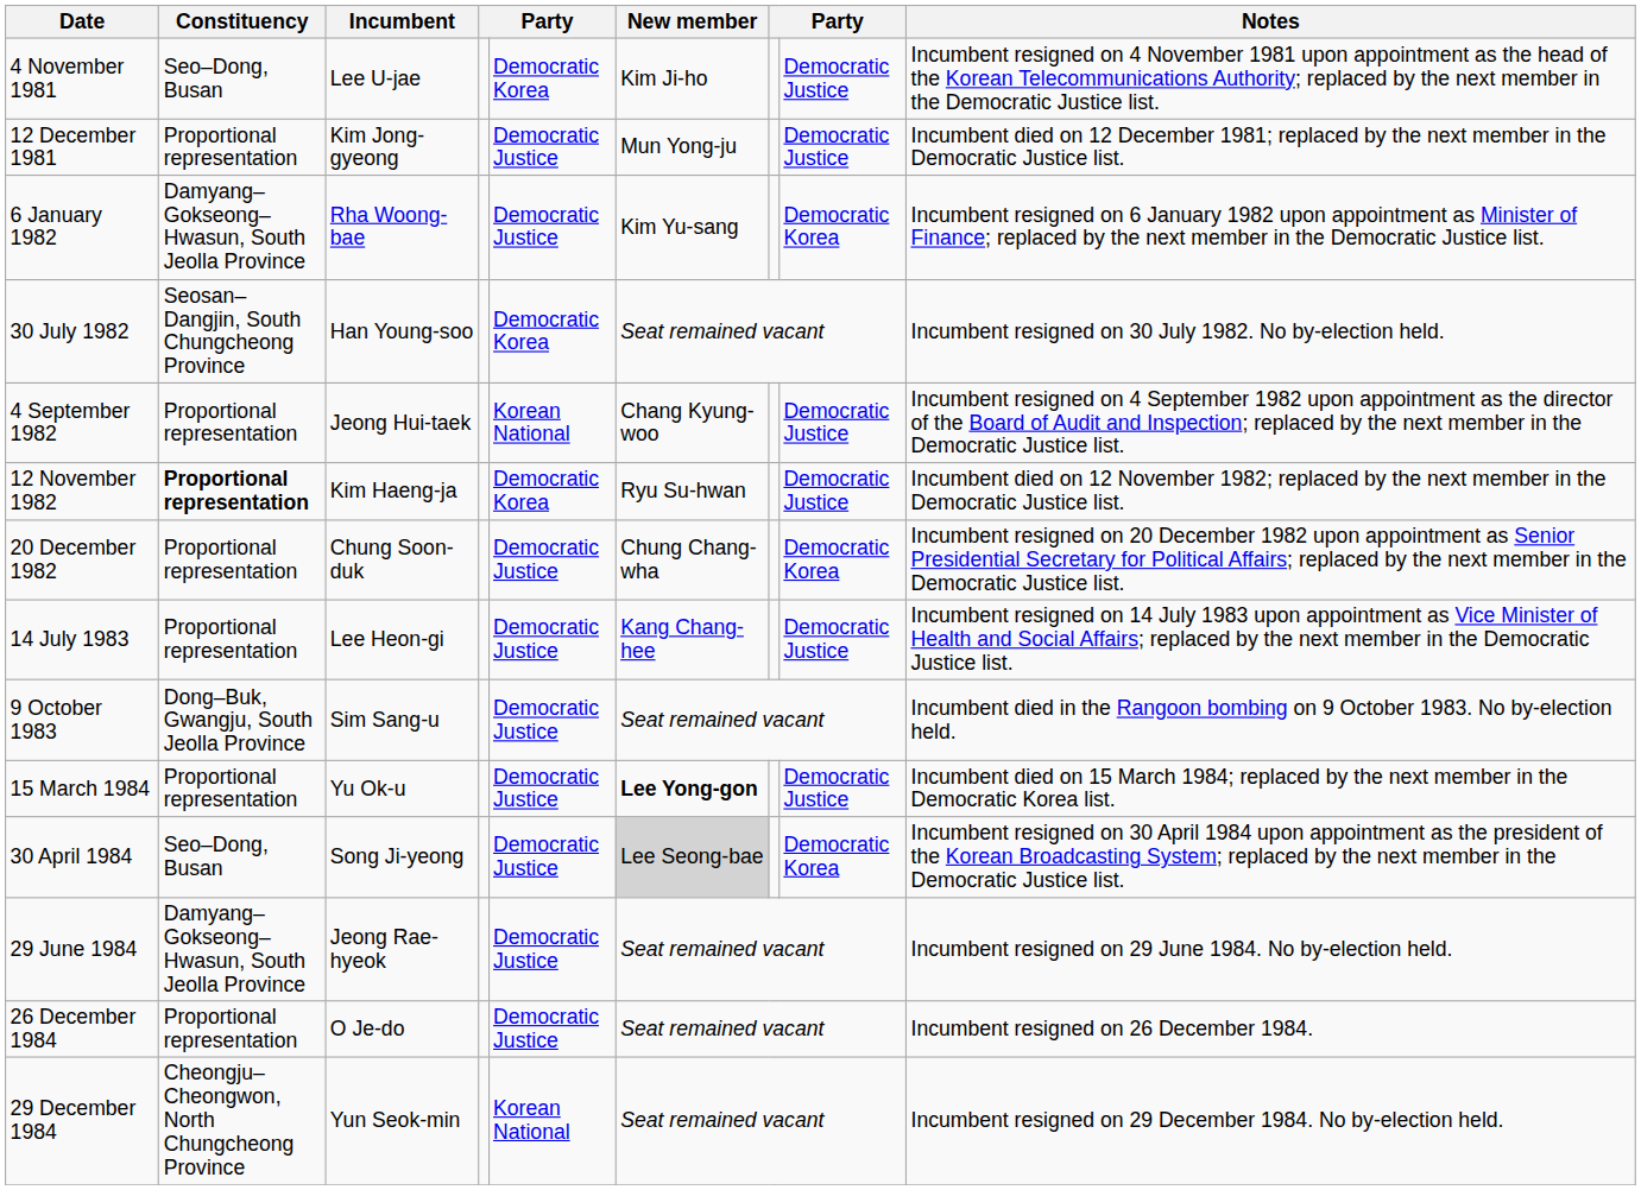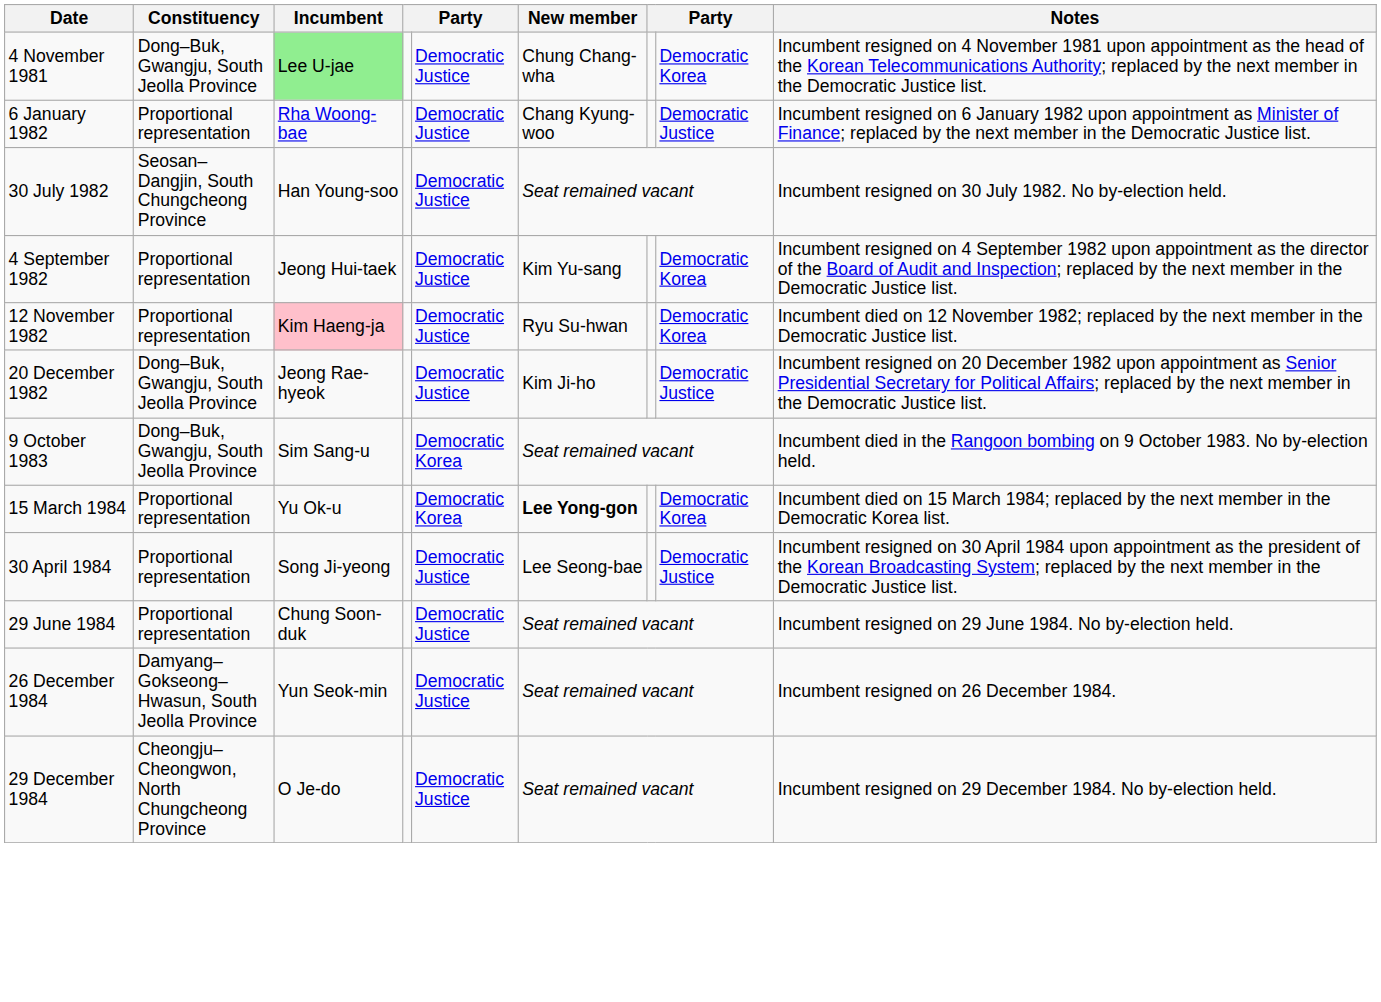 <table class="wikitable sortable plainrowheaders">
 <tr>
 <th width="110px">Date</th>
 <th width="120px">Constituency</th>
 <th width="110px">Incumbent</th>
 <th colspan="2">Party</th>
 <th width="110px">New member</th>
 <th colspan="2">Party</th>
 <th class="unsortable">Notes</th>
 </tr>
 <tr>
 <td>4 November 1981</td>
-<td>Seo–Dong, Busan</td>
-<td>Lee U-jae</td>
+<td>Dong–Buk, Gwangju, South Jeolla Province</td>
+<td style="background: lightgreen;">Lee U-jae</td>
+<td></td>
+<td width="90px"><a href='#'>Democratic Justice</a></td>
+<td>Chung Chang-wha</td>
 <td></td>
 <td><a href='#'>Democratic Korea</a></td>
-<td>Kim Ji-ho</td>
-<td></td>
-<td width="90px"><a href='#'>Democratic Justice</a></td>
 <td>Incumbent resigned on 4 November 1981 upon appointment as the head of the <a href='#'>Korean Telecommunications Authority</a>; replaced by the next member in the Democratic Justice list.</td>
 </tr>
 <tr>
-<td>12 December 1981</td>
+<td>6 January 1982</td>
 <td>Proportional representation</td>
-<td>Kim Jong-gyeong</td>
-<td></td>
-<td><a href='#'>Democratic Justice</a></td>
-<td>Mun Yong-ju</td>
-<td></td>
-<td><a href='#'>Democratic Justice</a></td>
-<td>Incumbent died on 12 December 1981; replaced by the next member in the Democratic Justice list.</td>
-</tr>
-<tr>
-<td>6 January 1982</td>
-<td>Damyang–Gokseong–Hwasun, South Jeolla Province</td>
 <td><a href='#'>Rha Woong-bae</a></td>
 <td></td>
 <td><a href='#'>Democratic Justice</a></td>
-<td>Kim Yu-sang</td>
+<td>Chang Kyung-woo</td>
 <td></td>
-<td><a href='#'>Democratic Korea</a></td>
+<td><a href='#'>Democratic Justice</a></td>
 <td>Incumbent resigned on 6 January 1982 upon appointment as <a href='#'>Minister of Finance</a>; replaced by the next member in the Democratic Justice list.</td>
 </tr>
 <tr>
 <td>30 July 1982</td>
 <td>Seosan–Dangjin, South Chungcheong Province</td>
 <td>Han Young-soo</td>
 <td></td>
-<td><a href='#'>Democratic Korea</a></td>
+<td><a href='#'>Democratic Justice</a></td>
 <td colspan="3"><em>Seat remained vacant</em></td>
 <td>Incumbent resigned on 30 July 1982. No by-election held.</td>
 </tr>
 <tr>
 <td>4 September 1982</td>
 <td>Proportional representation</td>
 <td>Jeong Hui-taek</td>
 <td></td>
-<td><a href='#'>Korean National</a></td>
-<td>Chang Kyung-woo</td>
+<td><a href='#'>Democratic Justice</a></td>
+<td>Kim Yu-sang</td>
 <td></td>
-<td><a href='#'>Democratic Justice</a></td>
+<td><a href='#'>Democratic Korea</a></td>
 <td>Incumbent resigned on 4 September 1982 upon appointment as the director of the <a href='#'>Board of Audit and Inspection</a>; replaced by the next member in the Democratic Justice list.</td>
 </tr>
 <tr>
 <td>12 November 1982</td>
-<td><strong>Proportional representation</strong></td>
-<td>Kim Haeng-ja</td>
+<td>Proportional representation</td>
+<td style="background: pink;">Kim Haeng-ja</td>
+<td></td>
+<td><a href='#'>Democratic Justice</a></td>
+<td>Ryu Su-hwan</td>
 <td></td>
 <td><a href='#'>Democratic Korea</a></td>
-<td>Ryu Su-hwan</td>
-<td></td>
-<td><a href='#'>Democratic Justice</a></td>
 <td>Incumbent died on 12 November 1982; replaced by the next member in the Democratic Justice list.</td>
 </tr>
 <tr>
 <td>20 December 1982</td>
-<td>Proportional representation</td>
-<td>Chung Soon-duk</td>
+<td>Dong–Buk, Gwangju, South Jeolla Province</td>
+<td>Jeong Rae-hyeok</td>
 <td></td>
 <td><a href='#'>Democratic Justice</a></td>
-<td>Chung Chang-wha</td>
-<td></td>
-<td><a href='#'>Democratic Korea</a></td>
-<td>Incumbent resigned on 20 December 1982 upon appointment as <a href='#'>Senior Presidential Secretary for Political Affairs</a>; replaced by the next member in the Democratic Justice list.</td>
-</tr>
-<tr>
-<td>14 July 1983</td>
-<td>Proportional representation</td>
-<td>Lee Heon-gi</td>
+<td>Kim Ji-ho</td>
 <td></td>
 <td><a href='#'>Democratic Justice</a></td>
-<td><a href='#'>Kang Chang-hee</a></td>
-<td></td>
-<td><a href='#'>Democratic Justice</a></td>
-<td>Incumbent resigned on 14 July 1983 upon appointment as <a href='#'>Vice Minister of Health and Social Affairs</a>; replaced by the next member in the Democratic Justice list.</td>
+<td>Incumbent resigned on 20 December 1982 upon appointment as <a href='#'>Senior Presidential Secretary for Political Affairs</a>; replaced by the next member in the Democratic Justice list.</td>
 </tr>
 <tr>
 <td>9 October 1983</td>
 <td>Dong–Buk, Gwangju, South Jeolla Province</td>
 <td>Sim Sang-u</td>
 <td></td>
-<td><a href='#'>Democratic Justice</a></td>
+<td><a href='#'>Democratic Korea</a></td>
 <td colspan="3"><em>Seat remained vacant</em></td>
 <td>Incumbent died in the <a href='#'>Rangoon bombing</a> on 9 October 1983. No by-election held.</td>
 </tr>
 <tr>
 <td>15 March 1984</td>
 <td>Proportional representation</td>
 <td>Yu Ok-u</td>
 <td></td>
-<td width="90px"><a href='#'>Democratic Justice</a></td>
+<td><a href='#'>Democratic Korea</a></td>
 <td><strong>Lee Yong-gon</strong></td>
 <td></td>
-<td><a href='#'>Democratic Justice</a></td>
+<td><a href='#'>Democratic Korea</a></td>
 <td>Incumbent died on 15 March 1984; replaced by the next member in the Democratic Korea list.</td>
 </tr>
 <tr>
 <td>30 April 1984</td>
-<td>Seo–Dong, Busan</td>
+<td>Proportional representation</td>
 <td>Song Ji-yeong</td>
 <td></td>
 <td><a href='#'>Democratic Justice</a></td>
-<td style="background: lightgrey;">Lee Seong-bae</td>
+<td>Lee Seong-bae</td>
 <td></td>
-<td><a href='#'>Democratic Korea</a></td>
+<td><a href='#'>Democratic Justice</a></td>
 <td>Incumbent resigned on 30 April 1984 upon appointment as the president of the <a href='#'>Korean Broadcasting System</a>; replaced by the next member in the Democratic Justice list.</td>
 </tr>
 <tr>
 <td>29 June 1984</td>
-<td>Damyang–Gokseong–Hwasun, South Jeolla Province</td>
-<td>Jeong Rae-hyeok</td>
+<td>Proportional representation</td>
+<td>Chung Soon-duk</td>
 <td></td>
 <td><a href='#'>Democratic Justice</a></td>
 <td colspan="3"><em>Seat remained vacant</em></td>
 <td>Incumbent resigned on 29 June 1984. No by-election held.</td>
 </tr>
 <tr>
 <td>26 December 1984</td>
-<td>Proportional representation</td>
-<td>O Je-do</td>
+<td>Damyang–Gokseong–Hwasun, South Jeolla Province</td>
+<td>Yun Seok-min</td>
 <td></td>
 <td><a href='#'>Democratic Justice</a></td>
 <td colspan="3"><em>Seat remained vacant</em></td>
 <td>Incumbent resigned on 26 December 1984.</td>
 </tr>
 <tr>
 <td>29 December 1984</td>
 <td>Cheongju–Cheongwon, North Chungcheong Province</td>
-<td>Yun Seok-min</td>
+<td>O Je-do</td>
 <td></td>
-<td><a href='#'>Korean National</a></td>
+<td><a href='#'>Democratic Justice</a></td>
 <td colspan="3"><em>Seat remained vacant</em></td>
 <td>Incumbent resigned on 29 December 1984. No by-election held.</td>
 </tr>
 </table>
